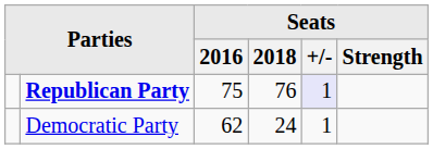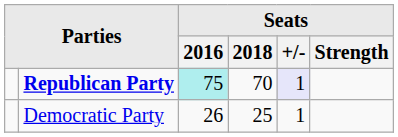 <table class=wikitable>
 <tr>
 <th style="background-color:#E9E9E9" align=center rowspan=2 colspan=2>Parties</th>
 <th style="background-color:#E9E9E9" align=center colspan=5>Seats</th>
 </tr>
 <tr bgcolor=#E9E9E9>
 <th>2016</th>
 <th>2018</th>
 <th>+/-</th>
 <th>Strength</th>
 </tr>
 <tr>
 <td style="background-color:"> </td>
 <td><strong><a href='#'>Republican Party</a></strong></td>
-<td align=right>75</td>
-<td align=right>76</td>
+<td align=right style="background: paleturquoise;">75</td>
+<td align=right>70</td>
 <td align=right style="background: lavender;"> 1</td>
 <td align=right></td>
 </tr>
 <tr>
 <td style="background-color:"> </td>
 <td><a href='#'>Democratic Party</a></td>
-<td align=right>62</td>
-<td align=right>24</td>
+<td align=right>26</td>
+<td align=right>25</td>
 <td align=right> 1</td>
 <td align=right></td>
 </tr>
 </table>
